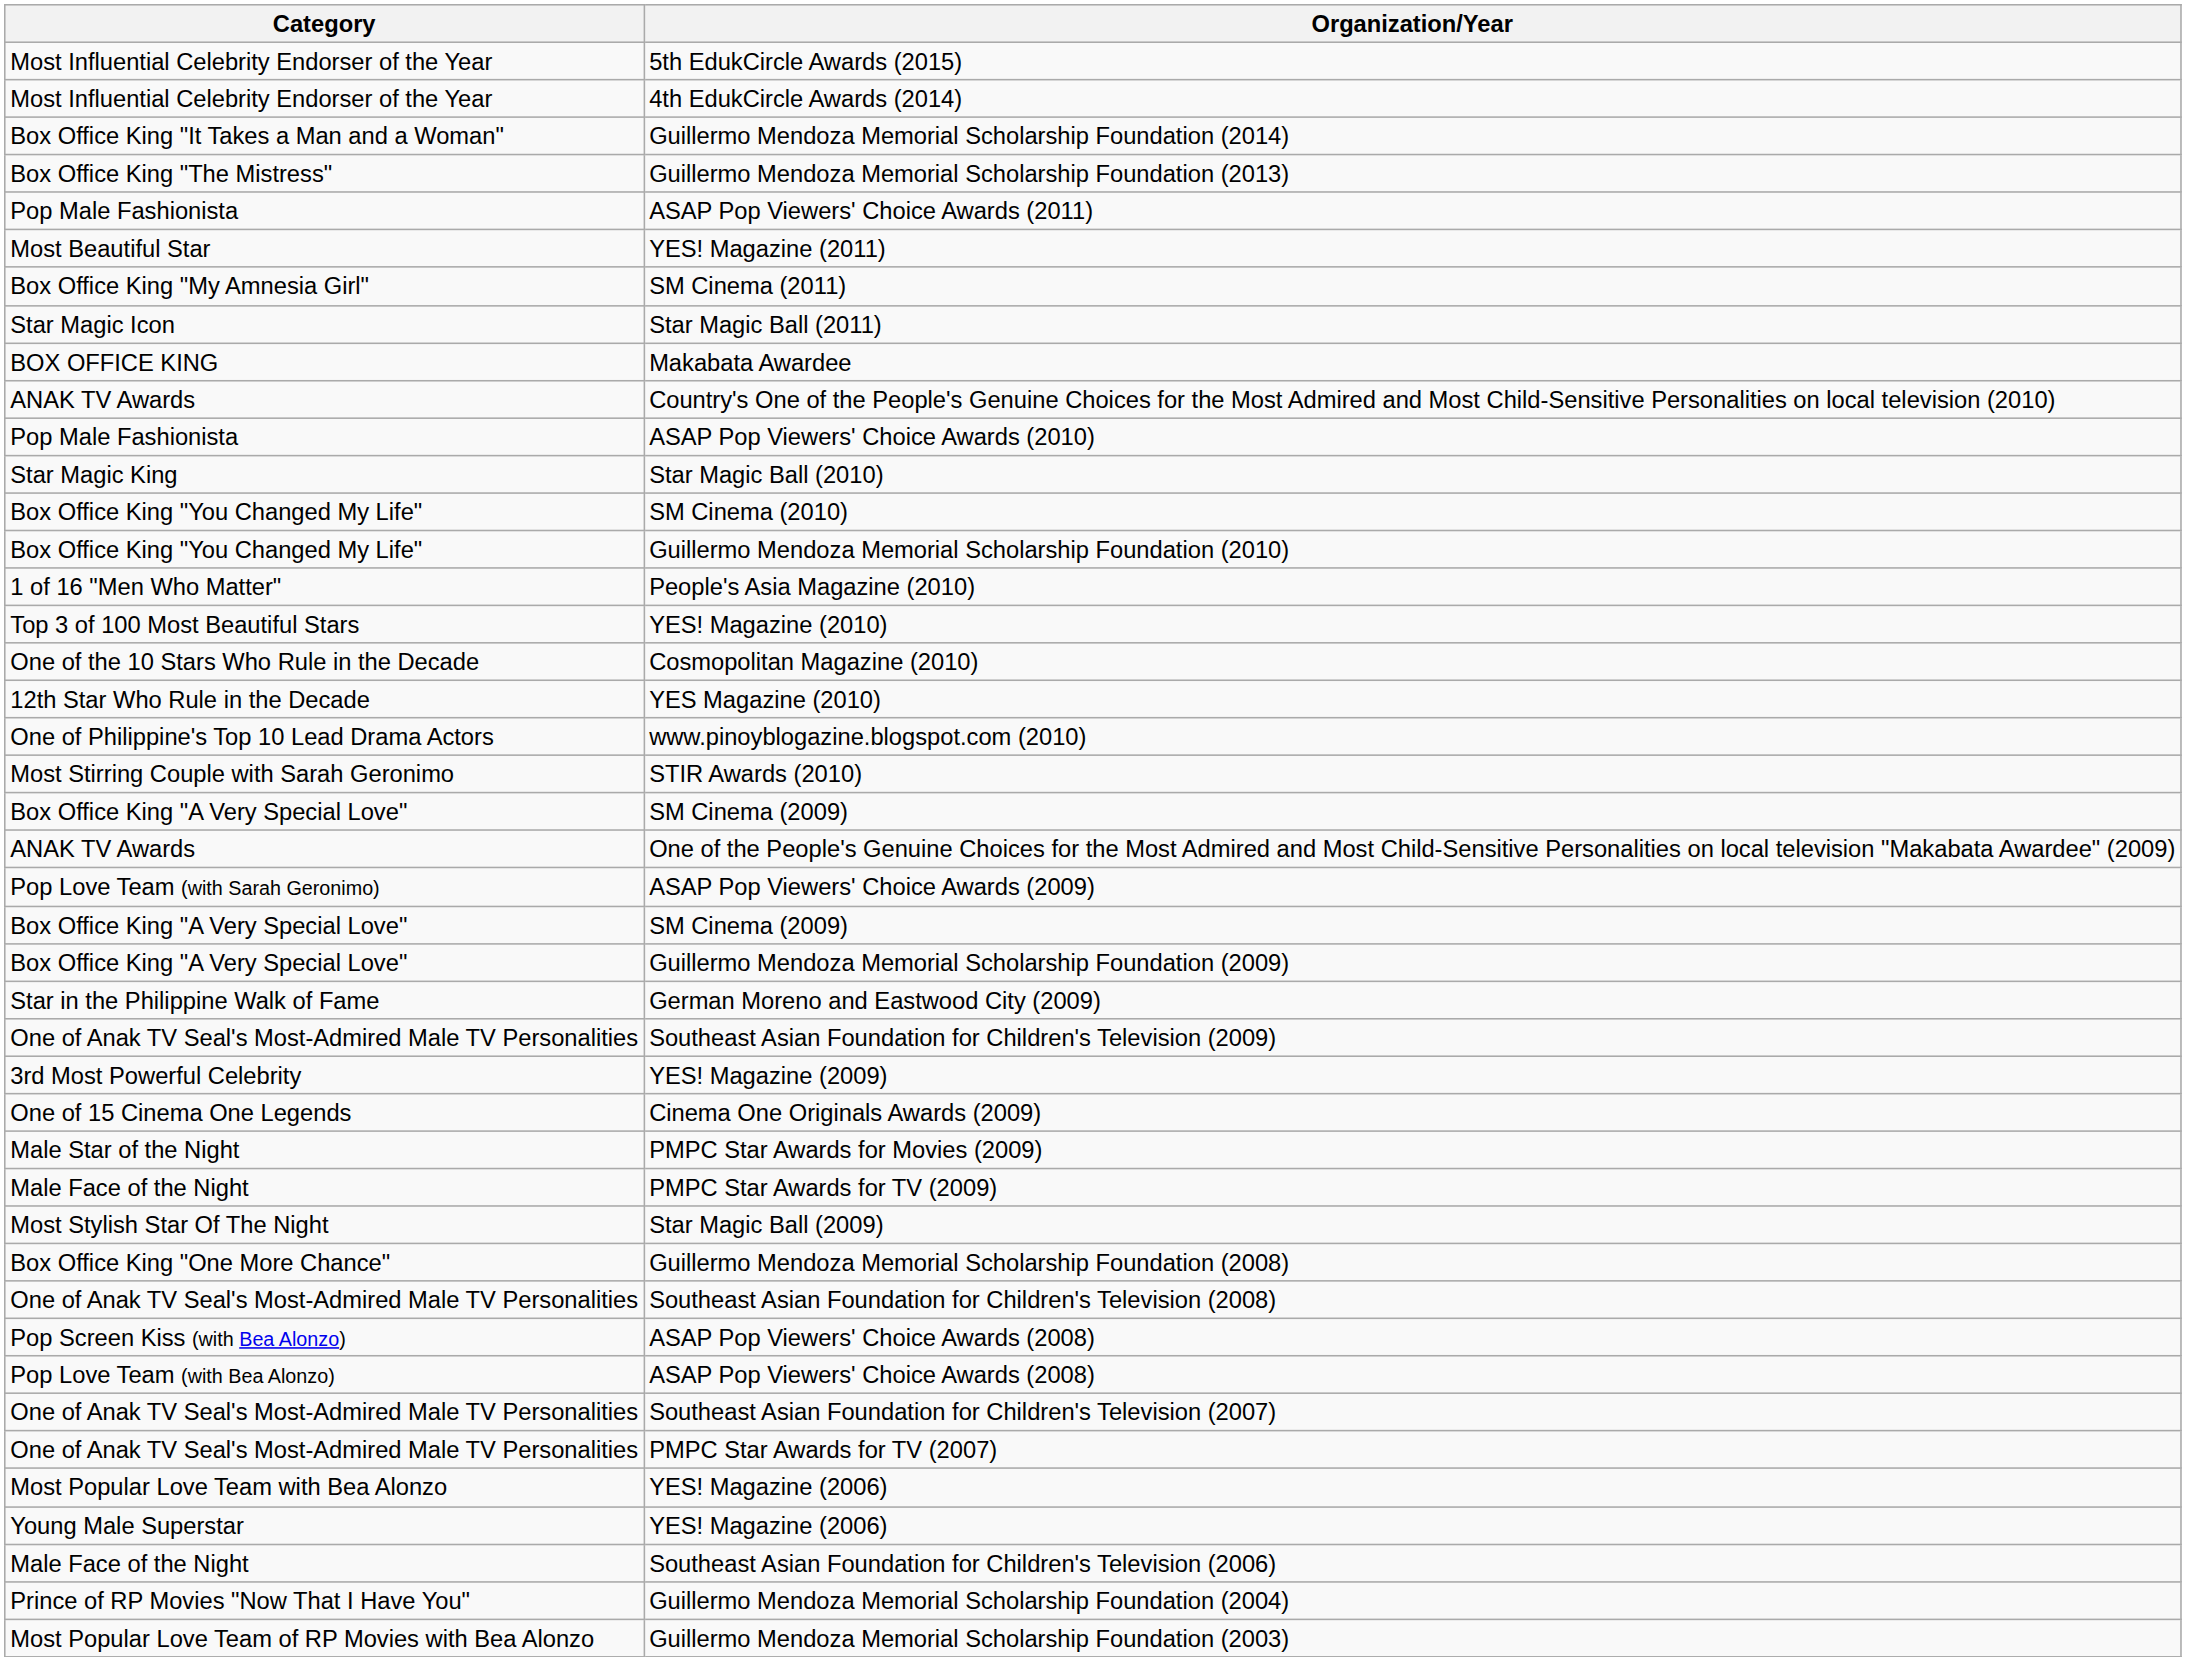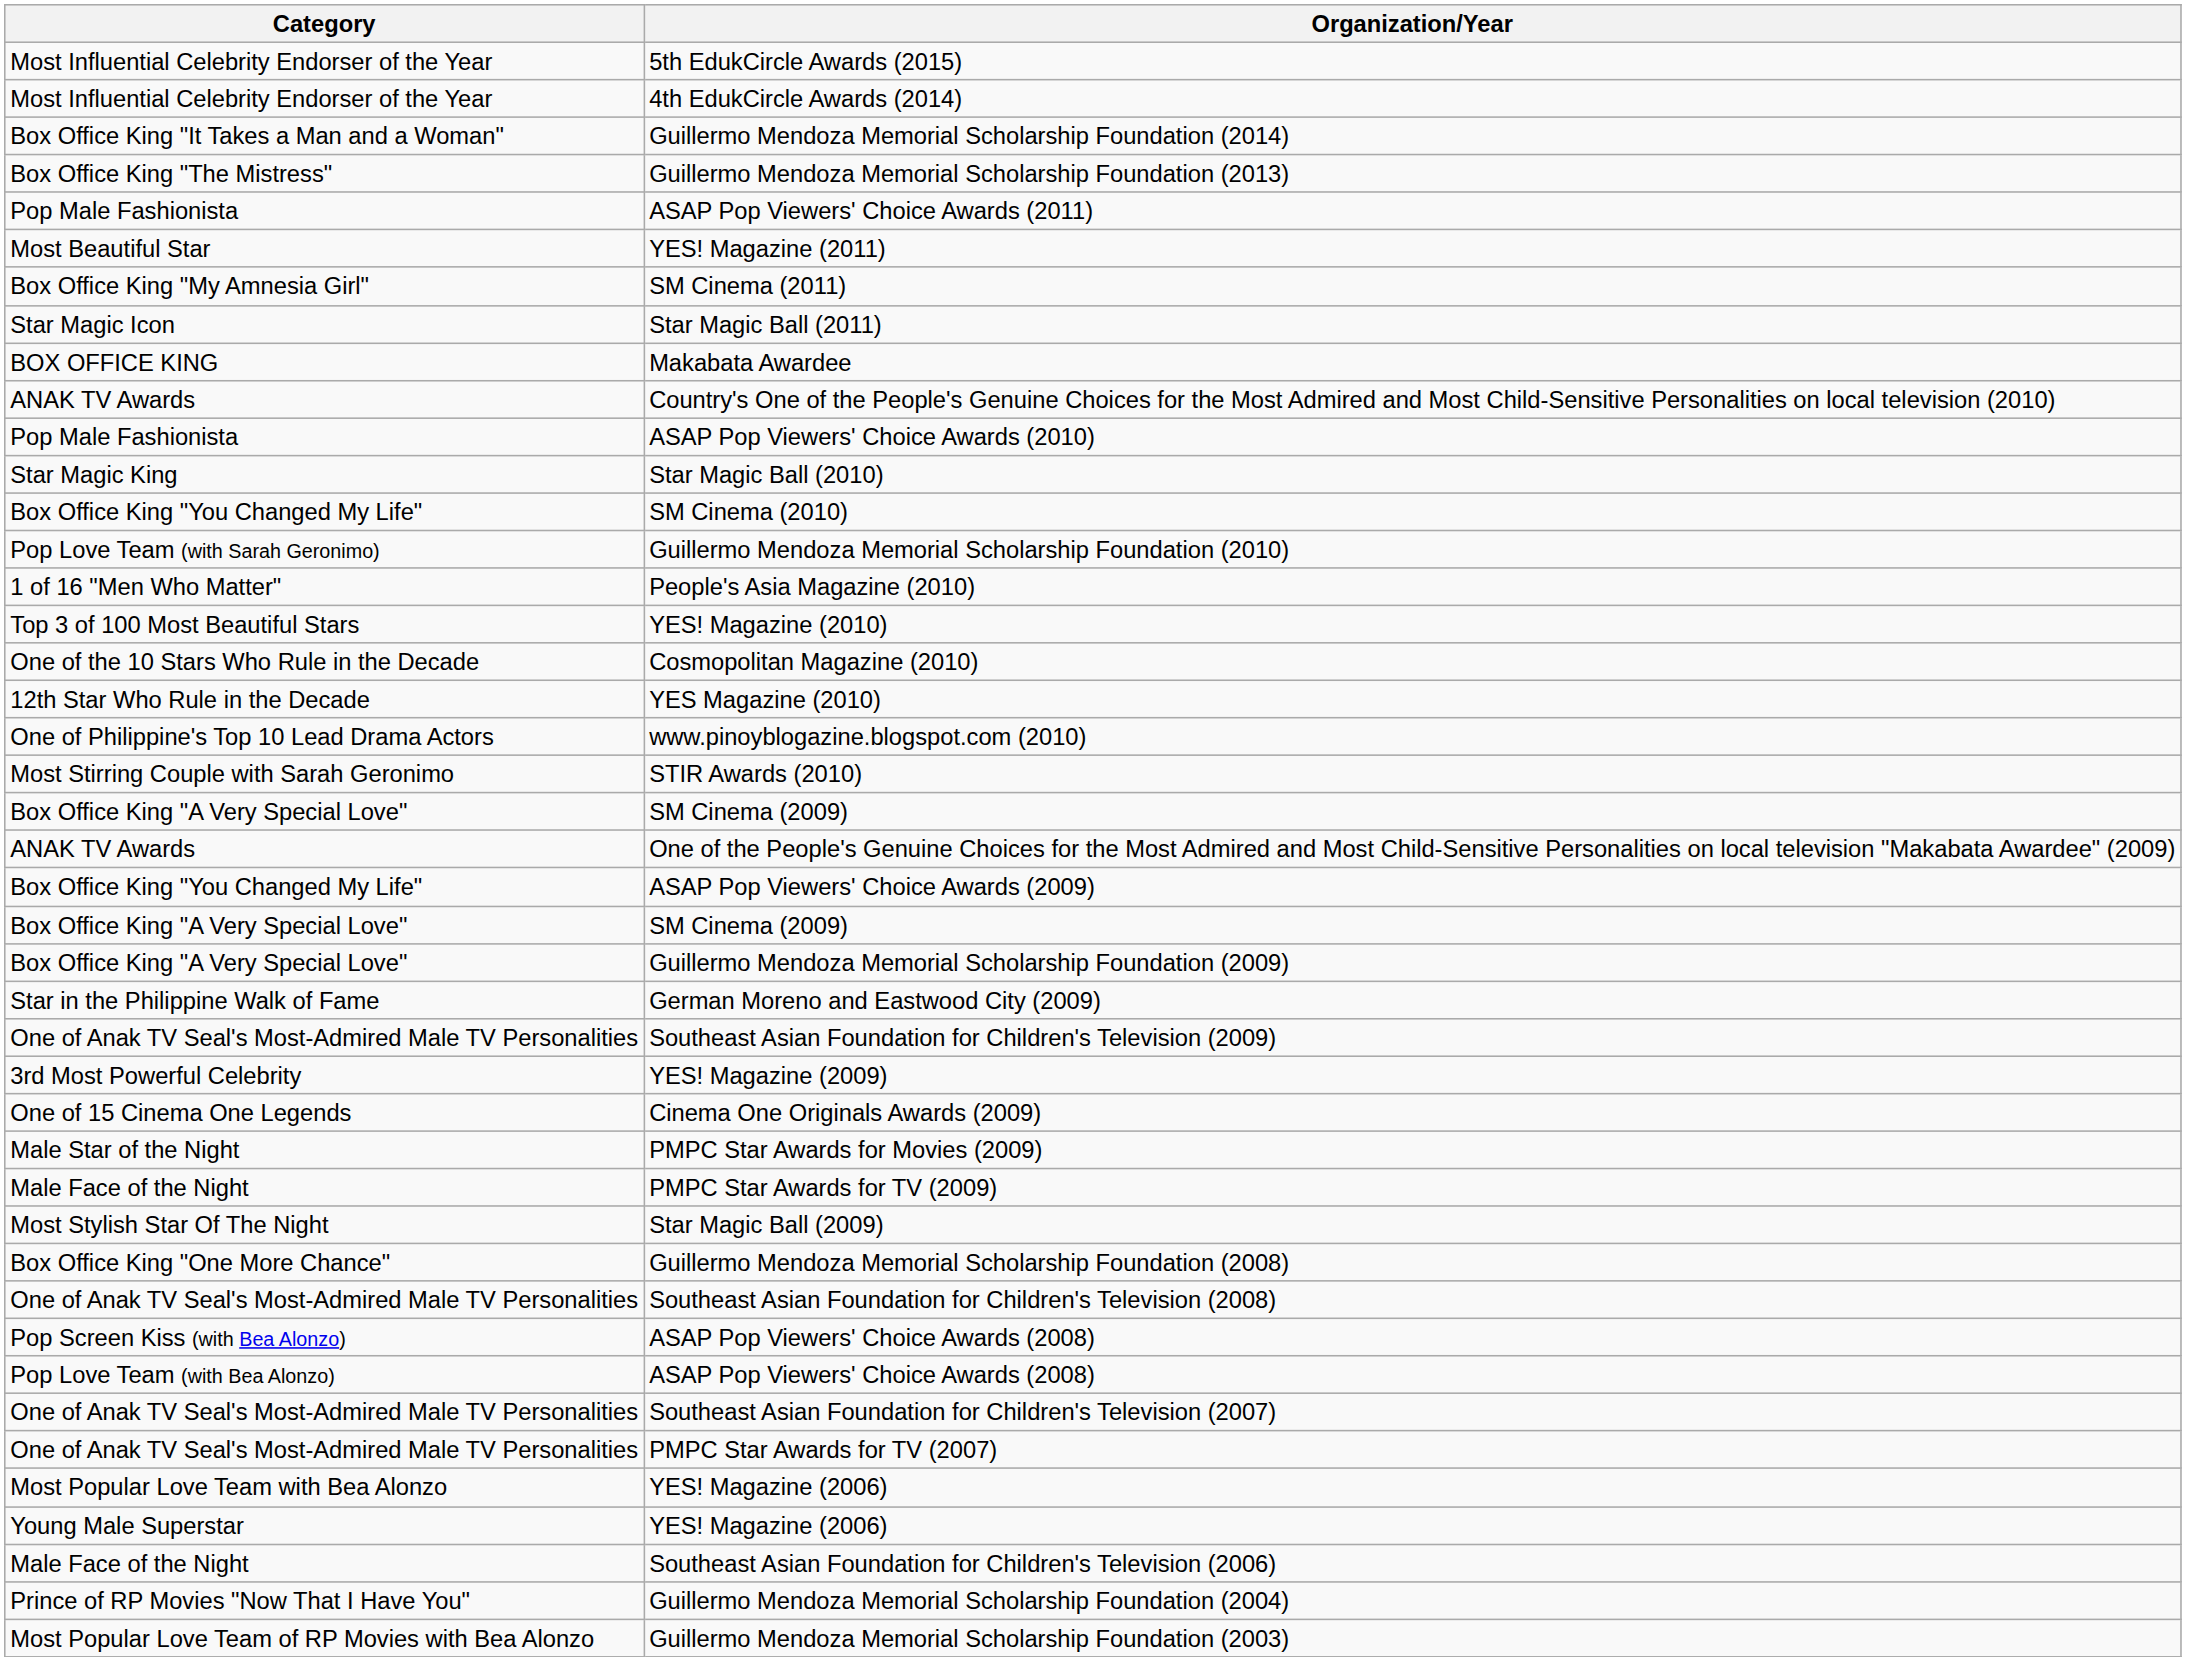 <table class="wikitable" style="font-size:95%;">
 <tr>
 <th>Category</th>
 <th>Organization/Year</th>
 </tr>
 <tr>
 <td>Most Influential Celebrity Endorser of the Year</td>
 <td>5th EdukCircle Awards (2015)</td>
 </tr>
 <tr>
 <td>Most Influential Celebrity Endorser of the Year</td>
 <td>4th EdukCircle Awards (2014)</td>
 </tr>
 <tr>
 <td>Box Office King "It Takes a Man and a Woman"</td>
 <td>Guillermo Mendoza Memorial Scholarship Foundation (2014)</td>
 </tr>
 <tr>
 <td>Box Office King "The Mistress"</td>
 <td>Guillermo Mendoza Memorial Scholarship Foundation (2013)</td>
 </tr>
 <tr>
 <td>Pop Male Fashionista</td>
 <td>ASAP Pop Viewers' Choice Awards (2011)</td>
 </tr>
 <tr>
 <td>Most Beautiful Star</td>
 <td>YES! Magazine (2011)</td>
 </tr>
 <tr>
 <td>Box Office King "My Amnesia Girl"</td>
 <td>SM Cinema (2011)</td>
 </tr>
 <tr>
 <td>Star Magic Icon</td>
 <td>Star Magic Ball (2011)</td>
 </tr>
 <tr>
 <td>BOX OFFICE KING</td>
 <td>Makabata Awardee</td>
 </tr>
 <tr>
 <td>ANAK TV Awards</td>
 <td>Country's One of the People's Genuine Choices for the Most Admired and Most Child-Sensitive Personalities on local television (2010)</td>
 </tr>
 <tr>
 <td>Pop Male Fashionista</td>
 <td>ASAP Pop Viewers' Choice Awards (2010)</td>
 </tr>
 <tr>
 <td>Star Magic King</td>
 <td>Star Magic Ball (2010)</td>
 </tr>
 <tr>
 <td>Box Office King "You Changed My Life"</td>
 <td>SM Cinema (2010)</td>
 </tr>
 <tr>
-<td>Box Office King "You Changed My Life"</td>
+<td>Pop Love Team <small>(with Sarah Geronimo)</small></td>
 <td>Guillermo Mendoza Memorial Scholarship Foundation (2010)</td>
 </tr>
 <tr>
 <td>1 of 16 "Men Who Matter"</td>
 <td>People's Asia Magazine (2010)</td>
 </tr>
 <tr>
 <td>Top 3 of 100 Most Beautiful Stars</td>
 <td>YES! Magazine (2010)</td>
 </tr>
 <tr>
 <td>One of the 10 Stars Who Rule in the Decade</td>
 <td>Cosmopolitan Magazine (2010)</td>
 </tr>
 <tr>
 <td>12th Star Who Rule in the Decade</td>
 <td>YES Magazine (2010)</td>
 </tr>
 <tr>
 <td>One of Philippine's Top 10 Lead Drama Actors</td>
 <td>www.pinoyblogazine.blogspot.com (2010)</td>
 </tr>
 <tr>
 <td>Most Stirring Couple with Sarah Geronimo</td>
 <td>STIR Awards (2010)</td>
 </tr>
 <tr>
 <td>Box Office King "A Very Special Love"</td>
 <td>SM Cinema (2009)</td>
 </tr>
 <tr>
 <td>ANAK TV Awards</td>
 <td>One of the People's Genuine Choices for the Most Admired and Most Child-Sensitive Personalities on local television "Makabata Awardee" (2009)</td>
 </tr>
 <tr>
-<td>Pop Love Team <small>(with Sarah Geronimo)</small></td>
+<td>Box Office King "You Changed My Life"</td>
 <td>ASAP Pop Viewers' Choice Awards (2009)</td>
 </tr>
 <tr>
 <td>Box Office King "A Very Special Love"</td>
 <td>SM Cinema (2009)</td>
 </tr>
 <tr>
 <td>Box Office King "A Very Special Love"</td>
 <td>Guillermo Mendoza Memorial Scholarship Foundation (2009)</td>
 </tr>
 <tr>
 <td>Star in the Philippine Walk of Fame</td>
 <td>German Moreno and Eastwood City (2009)</td>
 </tr>
 <tr>
 <td>One of Anak TV Seal's Most-Admired Male TV Personalities</td>
 <td>Southeast Asian Foundation for Children's Television (2009)</td>
 </tr>
 <tr>
 <td>3rd Most Powerful Celebrity</td>
 <td>YES! Magazine (2009)</td>
 </tr>
 <tr>
 <td>One of 15 Cinema One Legends</td>
 <td>Cinema One Originals Awards (2009)</td>
 </tr>
 <tr>
 <td>Male Star of the Night</td>
 <td>PMPC Star Awards for Movies (2009)</td>
 </tr>
 <tr>
 <td>Male Face of the Night</td>
 <td>PMPC Star Awards for TV (2009)</td>
 </tr>
 <tr>
 <td>Most Stylish Star Of The Night</td>
 <td>Star Magic Ball (2009)</td>
 </tr>
 <tr>
 <td>Box Office King "One More Chance"</td>
 <td>Guillermo Mendoza Memorial Scholarship Foundation (2008)</td>
 </tr>
 <tr>
 <td>One of Anak TV Seal's Most-Admired Male TV Personalities</td>
 <td>Southeast Asian Foundation for Children's Television (2008)</td>
 </tr>
 <tr>
 <td>Pop Screen Kiss <small>(with <a href='#'>Bea Alonzo</a>)</small></td>
 <td>ASAP Pop Viewers' Choice Awards (2008)</td>
 </tr>
 <tr>
 <td>Pop Love Team <small>(with Bea Alonzo)</small></td>
 <td>ASAP Pop Viewers' Choice Awards (2008)</td>
 </tr>
 <tr>
 <td>One of Anak TV Seal's Most-Admired Male TV Personalities</td>
 <td>Southeast Asian Foundation for Children's Television (2007)</td>
 </tr>
 <tr>
 <td>One of Anak TV Seal's Most-Admired Male TV Personalities</td>
 <td>PMPC Star Awards for TV (2007)</td>
 </tr>
 <tr>
 <td>Most Popular Love Team with Bea Alonzo</td>
 <td>YES! Magazine (2006)</td>
 </tr>
 <tr>
 <td>Young Male Superstar</td>
 <td>YES! Magazine (2006)</td>
 </tr>
 <tr>
 <td>Male Face of the Night</td>
 <td>Southeast Asian Foundation for Children's Television (2006)</td>
 </tr>
 <tr>
 <td>Prince of RP Movies "Now That I Have You"</td>
 <td>Guillermo Mendoza Memorial Scholarship Foundation (2004)</td>
 </tr>
 <tr>
 <td>Most Popular Love Team of RP Movies with Bea Alonzo</td>
 <td>Guillermo Mendoza Memorial Scholarship Foundation (2003)</td>
 </tr>
 </table>
